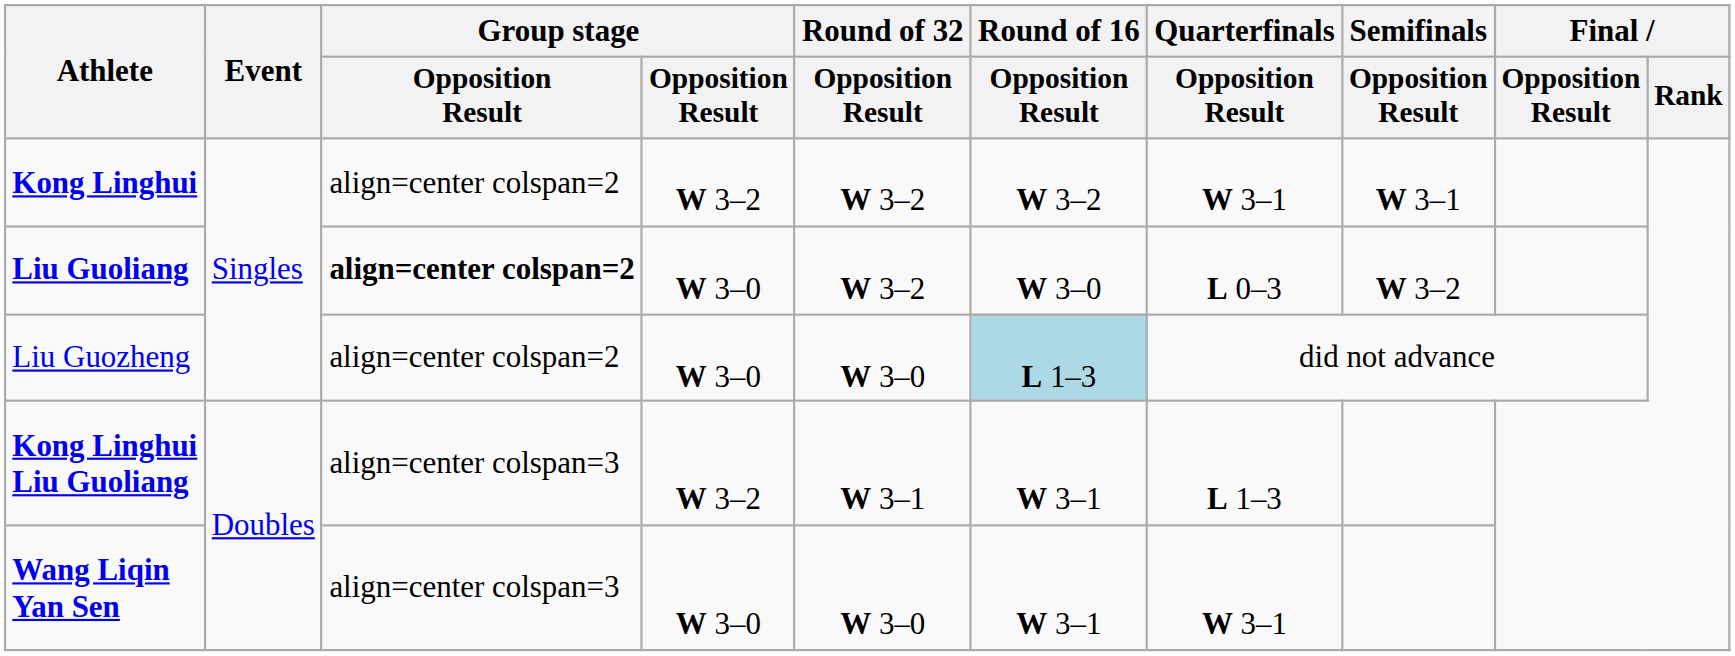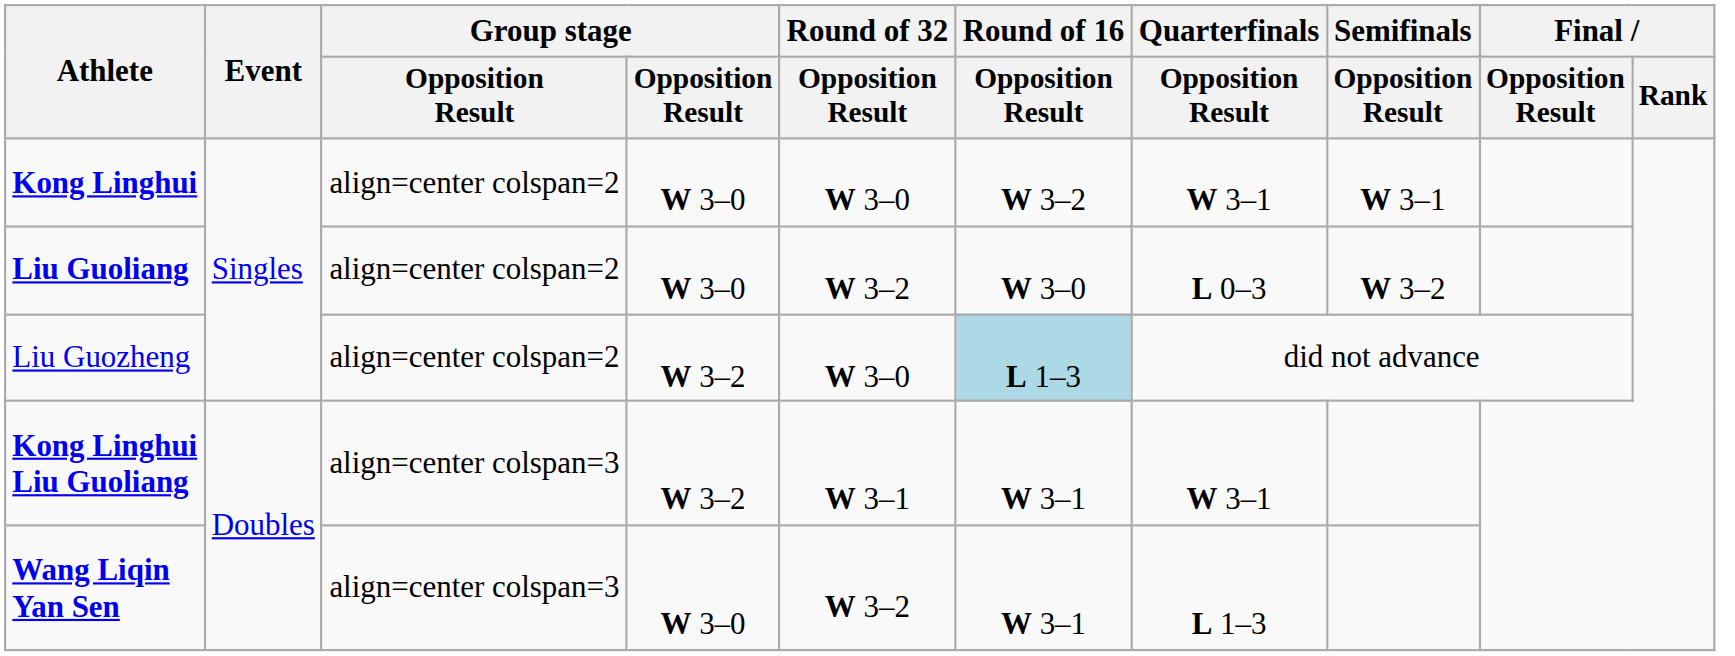 <table class="wikitable" style="font-size:90%">
 <tr>
 <th rowspan="2">Athlete</th>
 <th rowspan="2">Event</th>
 <th colspan="2">Group stage</th>
 <th>Round of 32</th>
 <th>Round of 16</th>
 <th>Quarterfinals</th>
 <th>Semifinals</th>
 <th colspan="2">Final / </th>
 </tr>
 <tr style="font-size:95%">
 <th>Opposition<br>Result</th>
 <th>Opposition<br>Result</th>
 <th>Opposition<br>Result</th>
 <th>Opposition<br>Result</th>
 <th>Opposition<br>Result</th>
 <th>Opposition<br>Result</th>
 <th>Opposition<br>Result</th>
 <th>Rank</th>
 </tr>
 <tr>
 <td align=left><strong><a href='#'>Kong Linghui</a></strong></td>
 <td align=left rowspan=3><a href='#'>Singles</a></td>
 <td>align=center colspan=2 </td>
-<td align=center><br><strong>W</strong> 3–2</td>
-<td align=center><br><strong>W</strong> 3–2</td>
+<td align=center><br><strong>W</strong> 3–0</td>
+<td align=center><br><strong>W</strong> 3–0</td>
 <td align=center><br><strong>W</strong> 3–2</td>
 <td align=center><br><strong>W</strong> 3–1</td>
 <td align=center><br><strong>W</strong> 3–1</td>
 <td align=center></td>
 </tr>
 <tr>
 <td align=left><strong><a href='#'>Liu Guoliang</a></strong></td>
-<td><strong>align=center colspan=2 </strong></td>
+<td>align=center colspan=2 </td>
 <td align=center><br><strong>W</strong> 3–0</td>
 <td align=center><br><strong>W</strong> 3–2</td>
 <td align=center><br><strong>W</strong> 3–0</td>
 <td align=center><br><strong>L</strong> 0–3</td>
 <td align=center><br><strong>W</strong> 3–2</td>
 <td align=center></td>
 </tr>
 <tr>
 <td align=left><a href='#'>Liu Guozheng</a></td>
 <td>align=center colspan=2 </td>
-<td align=center><br><strong>W</strong> 3–0</td>
+<td align=center><br><strong>W</strong> 3–2</td>
 <td align=center><br><strong>W</strong> 3–0</td>
 <td align=center style="background: lightblue;"><br><strong>L</strong> 1–3</td>
 <td align=center colspan=3>did not advance</td>
 </tr>
 <tr>
 <td align=left><strong><a href='#'>Kong Linghui</a></strong><br> <strong><a href='#'>Liu Guoliang</a></strong></td>
 <td align=left rowspan=2><a href='#'>Doubles</a></td>
 <td>align=center colspan=3 </td>
 <td align=center><br> <br><strong>W</strong> 3–2</td>
 <td align=center><br> <br><strong>W</strong> 3–1</td>
 <td align=center><br> <br><strong>W</strong> 3–1</td>
-<td align=center><br> <br><strong>L</strong> 1–3</td>
+<td align=center><br> <br><strong>W</strong> 3–1</td>
 <td align=center></td>
 </tr>
 <tr>
 <td align=left><strong><a href='#'>Wang Liqin</a></strong><br> <strong><a href='#'>Yan Sen</a></strong></td>
 <td>align=center colspan=3 </td>
 <td align=center><br> <br><strong>W</strong> 3–0</td>
-<td align=center><br> <br><strong>W</strong> 3–0</td>
+<td align=center><br><strong>W</strong> 3–2</td>
 <td align=center><br> <br><strong>W</strong> 3–1</td>
-<td align=center><br> <br><strong>W</strong> 3–1</td>
+<td align=center><br> <br><strong>L</strong> 1–3</td>
 <td align=center></td>
 </tr>
 </table>
